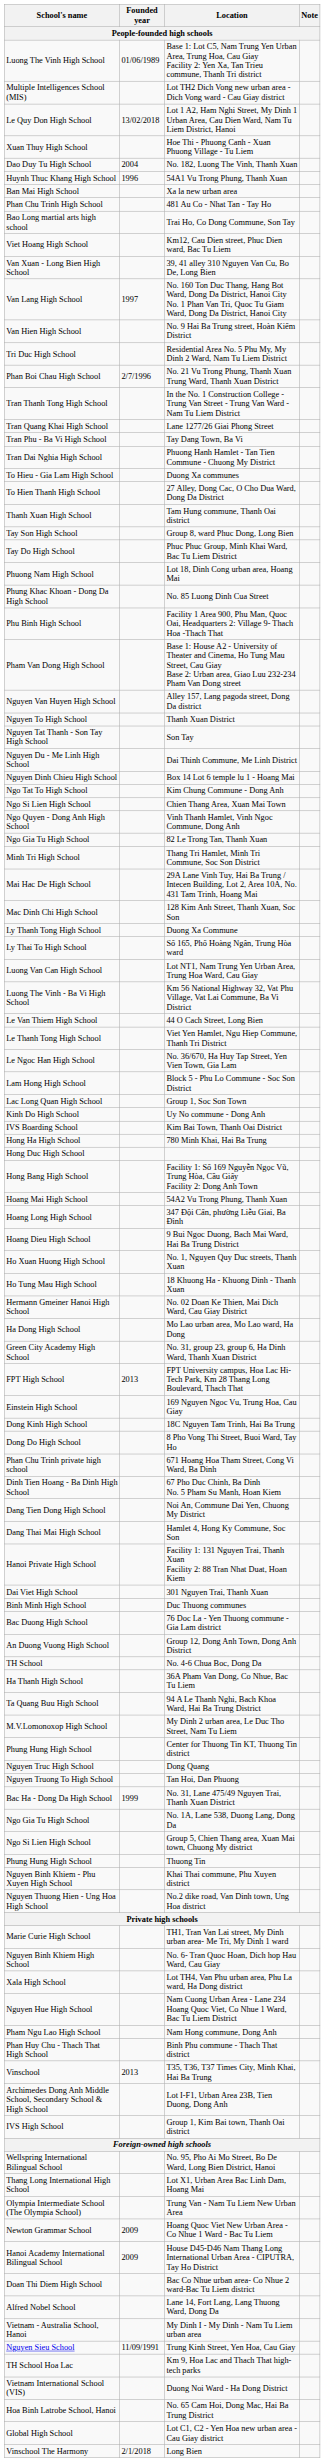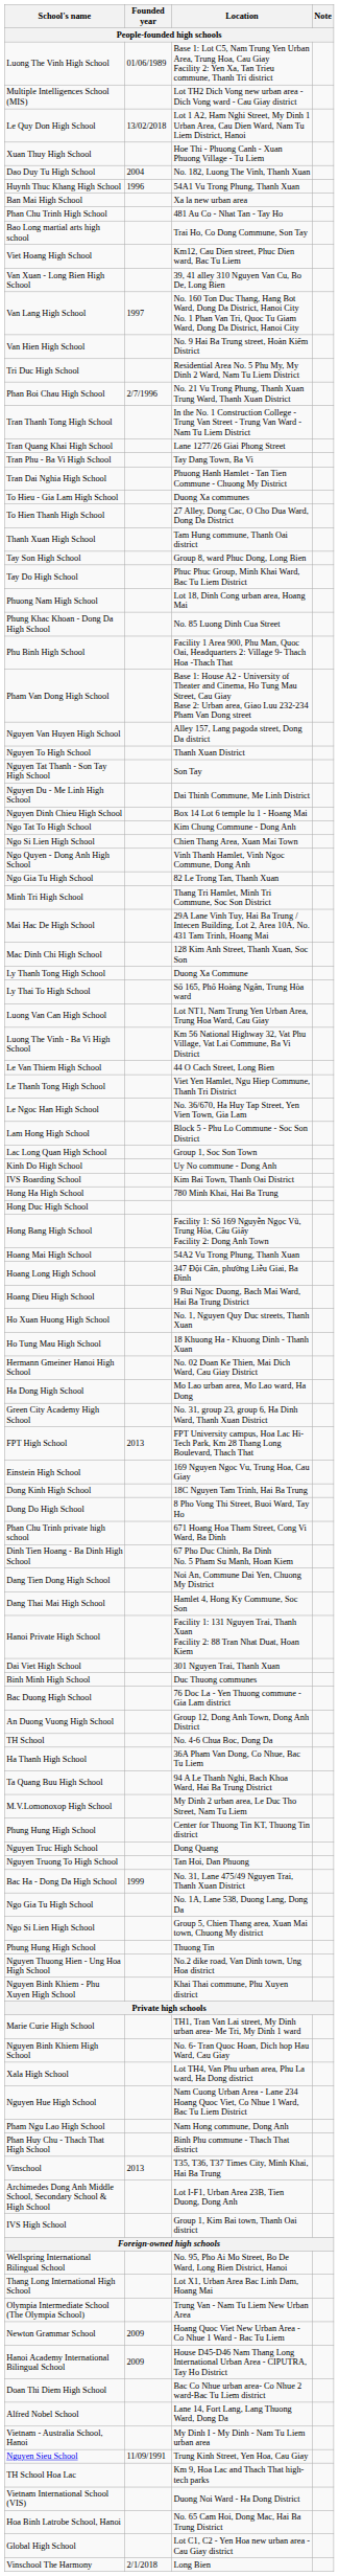 <table class="wikitable">
 <tr>
 <th>School's name</th>
 <th>Founded year</th>
 <th>Location</th>
 <th>Note</th>
 </tr>
 <tr>
 <th colspan="4">People-founded high schools</th>
 </tr>
 <tr>
 <td>Luong The Vinh High School</td>
 <td>01/06/1989</td>
 <td>Base 1: Lot C5, Nam Trung Yen Urban Area, Trung Hoa, Cau Giay<br>Facility 2: Yen Xa, Tan Trieu commune, Thanh Tri district</td>
 <td></td>
 </tr>
 <tr>
 <td>Multiple Intelligences School (MIS)</td>
 <td></td>
 <td>Lot TH2 Dich Vong new urban area - Dich Vong ward - Cau Giay district</td>
 <td></td>
 </tr>
 <tr>
 <td>Le Quy Don High School</td>
 <td>13/02/2018</td>
 <td>Lot 1 A2, Ham Nghi Street, My Dinh 1 Urban Area, Cau Dien Ward, Nam Tu Liem District, Hanoi</td>
 <td></td>
 </tr>
 <tr>
 <td>Xuan Thuy High School</td>
 <td></td>
 <td>Hoe Thi - Phuong Canh - Xuan Phuong Village - Tu Liem</td>
 <td></td>
 </tr>
 <tr>
 <td>Dao Duy Tu High School</td>
 <td>2004</td>
 <td>No. 182, Luong The Vinh, Thanh Xuan</td>
 <td></td>
 </tr>
 <tr>
 <td>Huynh Thuc Khang High School</td>
 <td>1996</td>
 <td>54A1 Vu Trong Phung, Thanh Xuan</td>
 <td></td>
 </tr>
 <tr>
 <td>Ban Mai High School</td>
 <td></td>
 <td>Xa la new urban area</td>
 <td></td>
 </tr>
 <tr>
 <td>Phan Chu Trinh High School</td>
 <td></td>
 <td>481 Au Co - Nhat Tan - Tay Ho</td>
 <td></td>
 </tr>
 <tr>
 <td>Bao Long martial arts high school</td>
 <td></td>
 <td>Trai Ho, Co Dong Commune, Son Tay</td>
 <td></td>
 </tr>
 <tr>
 <td>Viet Hoang High School</td>
 <td></td>
 <td>Km12, Cau Dien street, Phuc Dien ward, Bac Tu Liem</td>
 <td></td>
 </tr>
 <tr>
 <td>Van Xuan - Long Bien High School</td>
 <td></td>
 <td>39, 41 alley 310 Nguyen Van Cu, Bo De, Long Bien</td>
 <td></td>
 </tr>
 <tr>
 <td>Van Lang High School</td>
 <td>1997</td>
 <td>No. 160 Ton Duc Thang, Hang Bot Ward, Dong Da District, Hanoi City<br>No. 1 Phan Van Tri, Quoc Tu Giam Ward, Dong Da District, Hanoi City</td>
 <td></td>
 </tr>
 <tr>
 <td>Van Hien High School</td>
 <td></td>
 <td>No. 9 Hai Ba Trung street, Hoàn Kiếm District</td>
 <td></td>
 </tr>
 <tr>
 <td>Tri Duc High School</td>
 <td></td>
 <td>Residential Area No. 5 Phu My, My Dinh 2 Ward, Nam Tu Liem District</td>
 <td></td>
 </tr>
 <tr>
 <td>Phan Boi Chau High School</td>
 <td>2/7/1996</td>
 <td>No. 21 Vu Trong Phung, Thanh Xuan Trung Ward, Thanh Xuan District</td>
 <td></td>
 </tr>
 <tr>
 <td>Tran Thanh Tong High School</td>
 <td></td>
 <td>In the No. 1 Construction College - Trung Van Street - Trung Van Ward - Nam Tu Liem District</td>
 <td></td>
 </tr>
 <tr>
 <td>Tran Quang Khai High School</td>
 <td></td>
 <td>Lane 1277/26 Giai Phong Street</td>
 <td></td>
 </tr>
 <tr>
 <td>Tran Phu - Ba Vi High School</td>
 <td></td>
 <td>Tay Dang Town, Ba Vi</td>
 <td></td>
 </tr>
 <tr>
 <td>Tran Dai Nghia High School</td>
 <td></td>
 <td>Phuong Hanh Hamlet - Tan Tien Commune - Chuong My District</td>
 <td></td>
 </tr>
 <tr>
 <td>To Hieu - Gia Lam High School</td>
 <td></td>
 <td>Duong Xa communes</td>
 <td></td>
 </tr>
 <tr>
 <td>To Hien Thanh High School</td>
 <td></td>
 <td>27 Alley, Dong Cac, O Cho Dua Ward, Dong Da District</td>
 <td></td>
 </tr>
 <tr>
 <td>Thanh Xuan High School</td>
 <td></td>
 <td>Tam Hung commune, Thanh Oai district</td>
 <td></td>
 </tr>
 <tr>
 <td>Tay Son High School</td>
 <td></td>
 <td>Group 8, ward Phuc Dong, Long Bien</td>
 <td></td>
 </tr>
 <tr>
 <td>Tay Do High School</td>
 <td></td>
 <td>Phuc Phuc Group, Minh Khai Ward, Bac Tu Liem District</td>
 <td></td>
 </tr>
 <tr>
 <td>Phuong Nam High School</td>
 <td></td>
 <td>Lot 18, Dinh Cong urban area, Hoang Mai</td>
 <td></td>
 </tr>
 <tr>
 <td>Phung Khac Khoan - Dong Da High School</td>
 <td></td>
 <td>No. 85 Luong Dinh Cua Street</td>
 <td></td>
 </tr>
 <tr>
 <td>Phu Binh High School</td>
 <td></td>
 <td>Facility 1 Area 900, Phu Man, Quoc Oai, Headquarters 2: Village 9- Thach Hoa -Thach That</td>
 <td></td>
 </tr>
 <tr>
 <td>Pham Van Dong High School</td>
 <td></td>
 <td>Base 1: House A2 - University of Theater and Cinema, Ho Tung Mau Street, Cau Giay<br>Base 2: Urban area, Giao Luu 232-234 Pham Van Dong street</td>
 <td></td>
 </tr>
 <tr>
 <td>Nguyen Van Huyen High School</td>
 <td></td>
 <td>Alley 157, Lang pagoda street, Dong Da district</td>
 <td></td>
 </tr>
 <tr>
 <td>Nguyen To High School</td>
 <td></td>
 <td>Thanh Xuan District</td>
 <td></td>
 </tr>
 <tr>
 <td>Nguyen Tat Thanh - Son Tay High School</td>
 <td></td>
 <td>Son Tay</td>
 <td></td>
 </tr>
 <tr>
 <td>Nguyen Du - Me Linh High School</td>
 <td></td>
 <td>Dai Thinh Commune, Me Linh District</td>
 <td></td>
 </tr>
 <tr>
 <td>Nguyen Dinh Chieu High School</td>
 <td></td>
 <td>Box 14 Lot 6 temple lu 1 - Hoang Mai</td>
 <td></td>
 </tr>
 <tr>
 <td>Ngo Tat To High School</td>
 <td></td>
 <td>Kim Chung Commune - Dong Anh</td>
 <td></td>
 </tr>
 <tr>
 <td>Ngo Si Lien High School</td>
 <td></td>
 <td>Chien Thang Area, Xuan Mai Town</td>
 <td></td>
 </tr>
 <tr>
 <td>Ngo Quyen - Dong Anh High School</td>
 <td></td>
 <td>Vinh Thanh Hamlet, Vinh Ngoc Commune, Dong Anh</td>
 <td></td>
 </tr>
 <tr>
 <td>Ngo Gia Tu High School</td>
 <td></td>
 <td>82 Le Trong Tan, Thanh Xuan</td>
 <td></td>
 </tr>
 <tr>
 <td>Minh Tri High School</td>
 <td></td>
 <td>Thang Tri Hamlet, Minh Tri Commune, Soc Son District</td>
 <td></td>
 </tr>
 <tr>
 <td>Mai Hac De High School</td>
 <td></td>
 <td>29A Lane Vinh Tuy, Hai Ba Trung / Intecen Building, Lot 2, Area 10A, No. 431 Tam Trinh, Hoang Mai</td>
 <td></td>
 </tr>
 <tr>
 <td>Mac Dinh Chi High School</td>
 <td></td>
 <td>128 Kim Anh Street, Thanh Xuan, Soc Son</td>
 <td></td>
 </tr>
 <tr>
 <td>Ly Thanh Tong High School</td>
 <td></td>
 <td>Duong Xa Commune</td>
 <td></td>
 </tr>
 <tr>
 <td>Ly Thai To High School</td>
 <td></td>
 <td>Số 165, Phố Hoàng Ngân, Trung Hòa ward</td>
 <td></td>
 </tr>
 <tr>
 <td>Luong Van Can High School</td>
 <td></td>
 <td>Lot NT1, Nam Trung Yen Urban Area, Trung Hoa Ward, Cau Giay</td>
 <td></td>
 </tr>
 <tr>
 <td>Luong The Vinh - Ba Vi High School</td>
 <td></td>
 <td>Km 56 National Highway 32, Vat Phu Village, Vat Lai Commune, Ba Vi District</td>
 <td></td>
 </tr>
 <tr>
 <td>Le Van Thiem High School</td>
 <td></td>
 <td>44 O Cach Street, Long Bien</td>
 <td></td>
 </tr>
 <tr>
 <td>Le Thanh Tong High School</td>
 <td></td>
 <td>Viet Yen Hamlet, Ngu Hiep Commune, Thanh Tri District</td>
 <td></td>
 </tr>
 <tr>
 <td>Le Ngoc Han High School</td>
 <td></td>
 <td>No. 36/670, Ha Huy Tap Street, Yen Vien Town, Gia Lam</td>
 <td></td>
 </tr>
 <tr>
 <td>Lam Hong High School</td>
 <td></td>
 <td>Block 5 - Phu Lo Commune - Soc Son District</td>
 <td></td>
 </tr>
 <tr>
 <td>Lac Long Quan High School</td>
 <td></td>
 <td>Group 1, Soc Son Town</td>
 <td></td>
 </tr>
 <tr>
 <td>Kinh Do High School</td>
 <td></td>
 <td>Uy No commune - Dong Anh</td>
 <td></td>
 </tr>
 <tr>
 <td>IVS Boarding School</td>
 <td></td>
 <td>Kim Bai Town, Thanh Oai District</td>
 <td></td>
 </tr>
 <tr>
 <td>Hong Ha High School</td>
 <td></td>
 <td>780 Minh Khai, Hai Ba Trung</td>
 <td></td>
 </tr>
 <tr>
 <td>Hong Duc High School</td>
 <td></td>
 <td></td>
 <td></td>
 </tr>
 <tr>
 <td>Hong Bang High School</td>
 <td></td>
 <td>Facility 1: Số 169 Nguyễn Ngọc Vũ, Trung Hòa, Cầu Giấy<br>Facility 2: Dong Anh Town</td>
 <td></td>
 </tr>
 <tr>
 <td>Hoang Mai High School</td>
 <td></td>
 <td>54A2 Vu Trong Phung, Thanh Xuan</td>
 <td></td>
 </tr>
 <tr>
 <td>Hoang Long High School</td>
 <td></td>
 <td>347 Đội Cấn, phường Liễu Giai, Ba Đình</td>
 <td></td>
 </tr>
 <tr>
 <td>Hoang Dieu High School</td>
 <td></td>
 <td>9 Bui Ngoc Duong, Bach Mai Ward, Hai Ba Trung District</td>
 <td></td>
 </tr>
 <tr>
 <td>Ho Xuan Huong High School</td>
 <td></td>
 <td>No. 1, Nguyen Quy Duc streets, Thanh Xuan</td>
 <td></td>
 </tr>
 <tr>
 <td>Ho Tung Mau High School</td>
 <td></td>
 <td>18 Khuong Ha - Khuong Dinh - Thanh Xuan</td>
 <td></td>
 </tr>
 <tr>
 <td>Hermann Gmeiner Hanoi High School</td>
 <td></td>
 <td>No. 02 Doan Ke Thien, Mai Dich Ward, Cau Giay District</td>
 <td></td>
 </tr>
 <tr>
 <td>Ha Dong High School</td>
 <td></td>
 <td>Mo Lao urban area, Mo Lao ward, Ha Dong</td>
 <td></td>
 </tr>
 <tr>
 <td>Green City Academy High School</td>
 <td></td>
 <td>No. 31, group 23, group 6, Ha Dinh Ward, Thanh Xuan District</td>
 <td></td>
 </tr>
 <tr>
 <td>FPT High School</td>
 <td>2013</td>
 <td>FPT University campus, Hoa Lac Hi-Tech Park, Km 28 Thang Long Boulevard, Thach That</td>
 <td></td>
 </tr>
 <tr>
 <td>Einstein High School</td>
 <td></td>
 <td>169 Nguyen Ngoc Vu, Trung Hoa, Cau Giay</td>
 <td></td>
 </tr>
 <tr>
 <td>Dong Kinh High School</td>
 <td></td>
 <td>18C Nguyen Tam Trinh, Hai Ba Trung</td>
 <td></td>
 </tr>
 <tr>
 <td>Dong Do High School</td>
 <td></td>
 <td>8 Pho Vong Thi Street, Buoi Ward, Tay Ho</td>
 <td></td>
 </tr>
 <tr>
 <td>Phan Chu Trinh private high school</td>
 <td></td>
 <td>671 Hoang Hoa Tham Street, Cong Vi Ward, Ba Dinh</td>
 <td></td>
 </tr>
 <tr>
 <td>Dinh Tien Hoang - Ba Dinh High School</td>
 <td></td>
 <td>67 Pho Duc Chinh, Ba Dinh<br>No. 5 Pham Su Manh, Hoan Kiem</td>
 <td></td>
 </tr>
 <tr>
 <td>Dang Tien Dong High School</td>
 <td></td>
 <td>Noi An, Commune Dai Yen, Chuong My District</td>
 <td></td>
 </tr>
 <tr>
 <td>Dang Thai Mai High School</td>
 <td></td>
 <td>Hamlet 4, Hong Ky Commune, Soc Son</td>
 <td></td>
 </tr>
 <tr>
 <td>Hanoi Private High School</td>
 <td></td>
 <td>Facility 1: 131 Nguyen Trai, Thanh Xuan<br>Facility 2: 88 Tran Nhat Duat, Hoan Kiem</td>
 <td></td>
 </tr>
 <tr>
 <td>Dai Viet High School</td>
 <td></td>
 <td>301 Nguyen Trai, Thanh Xuan</td>
 <td></td>
 </tr>
 <tr>
 <td>Binh Minh High School</td>
 <td></td>
 <td>Duc Thuong communes</td>
 <td></td>
 </tr>
 <tr>
 <td>Bac Duong High School</td>
 <td></td>
 <td>76 Doc La - Yen Thuong commune - Gia Lam district</td>
 <td></td>
 </tr>
 <tr>
 <td>An Duong Vuong High School</td>
 <td></td>
 <td>Group 12, Dong Anh Town, Dong Anh District</td>
 <td></td>
 </tr>
 <tr>
 <td>TH School</td>
 <td></td>
 <td>No. 4-6 Chua Boc, Dong Da</td>
 <td></td>
 </tr>
 <tr>
 <td>Ha Thanh High School</td>
 <td></td>
 <td>36A Pham Van Dong, Co Nhue, Bac Tu Liem</td>
 <td></td>
 </tr>
 <tr>
 <td>Ta Quang Buu High School</td>
 <td></td>
 <td>94 A Le Thanh Nghi, Bach Khoa Ward, Hai Ba Trung District</td>
 <td></td>
 </tr>
 <tr>
 <td>M.V.Lomonoxop High School</td>
 <td></td>
 <td>My Dinh 2 urban area, Le Duc Tho Street, Nam Tu Liem</td>
 <td></td>
 </tr>
 <tr>
 <td>Phung Hung High School</td>
 <td></td>
 <td>Center for Thuong Tin KT, Thuong Tin district</td>
 <td></td>
 </tr>
 <tr>
 <td>Nguyen Truc High School</td>
 <td></td>
 <td>Dong Quang</td>
 <td></td>
 </tr>
 <tr>
 <td>Nguyen Truong To High School</td>
 <td></td>
 <td>Tan Hoi, Dan Phuong</td>
 <td></td>
 </tr>
 <tr>
 <td>Bac Ha - Dong Da High School</td>
 <td>1999</td>
 <td>No. 31, Lane 475/49 Nguyen Trai, Thanh Xuan District</td>
 <td></td>
 </tr>
 <tr>
 <td>Ngo Gia Tu High School</td>
 <td></td>
 <td>No. 1A, Lane 538, Duong Lang, Dong Da</td>
 <td></td>
 </tr>
 <tr>
 <td>Ngo Si Lien High School</td>
 <td></td>
 <td>Group 5, Chien Thang area, Xuan Mai town, Chuong My district</td>
 <td></td>
 </tr>
 <tr>
 <td>Phung Hung High School</td>
 <td></td>
 <td>Thuong Tin</td>
 <td></td>
 </tr>
 <tr>
+<td>Nguyen Thuong Hien - Ung Hoa High School</td>
+<td></td>
+<td>No.2 dike road, Van Dinh town, Ung Hoa district</td>
+<td></td>
+</tr>
+<tr>
 <td>Nguyen Binh Khiem - Phu Xuyen High School</td>
 <td></td>
 <td>Khai Thai commune, Phu Xuyen district</td>
-<td></td>
-</tr>
-<tr>
-<td>Nguyen Thuong Hien - Ung Hoa High School</td>
-<td></td>
-<td>No.2 dike road, Van Dinh town, Ung Hoa district</td>
 <td></td>
 </tr>
 <tr>
 <th colspan="4">Private high schools</th>
 </tr>
 <tr>
 <td>Marie Curie High School</td>
 <td></td>
 <td>TH1, Tran Van Lai street, My Dinh urban area- Me Tri, My Dinh 1 ward</td>
 <td></td>
 </tr>
 <tr>
 <td>Nguyen Binh Khiem High School</td>
 <td></td>
 <td>No. 6- Tran Quoc Hoan, Dich hop Hau Ward, Cau Giay</td>
 <td></td>
 </tr>
 <tr>
 <td>Xala High School</td>
 <td></td>
 <td>Lot TH4, Van Phu urban area, Phu La ward, Ha Dong district</td>
 <td></td>
 </tr>
 <tr>
 <td>Nguyen Hue High School</td>
 <td></td>
 <td>Nam Cuong Urban Area - Lane 234 Hoang Quoc Viet, Co Nhue 1 Ward, Bac Tu Liem District</td>
 <td></td>
 </tr>
 <tr>
 <td>Pham Ngu Lao High School</td>
 <td></td>
 <td>Nam Hong commune, Dong Anh</td>
 <td></td>
 </tr>
 <tr>
 <td>Phan Huy Chu - Thach That High School</td>
 <td></td>
 <td>Binh Phu commune - Thach That district</td>
 <td></td>
 </tr>
 <tr>
 <td>Vinschool</td>
 <td>2013</td>
 <td>T35, T36, T37 Times City, Minh Khai, Hai Ba Trung</td>
 <td></td>
 </tr>
 <tr>
 <td>Archimedes Dong Anh Middle School, Secondary School & High School</td>
 <td></td>
 <td>Lot I-F1, Urban Area 23B, Tien Duong, Dong Anh</td>
 <td></td>
 </tr>
 <tr>
 <td>IVS High School</td>
 <td></td>
 <td>Group 1, Kim Bai town, Thanh Oai district</td>
 <td></td>
 </tr>
 <tr>
 <th colspan="4"><strong><em>Foreign-owned high schools</em></strong></th>
 </tr>
 <tr>
 <td>Wellspring International Bilingual School</td>
 <td></td>
 <td>No. 95, Pho Ai Mo Street, Bo De Ward, Long Bien District, Hanoi</td>
 <td></td>
 </tr>
 <tr>
 <td>Thang Long International High School</td>
 <td></td>
 <td>Lot X1, Urban Area Bac Linh Dam, Hoang Mai</td>
 <td></td>
 </tr>
 <tr>
 <td>Olympia Intermediate School (The Olympia School)</td>
 <td></td>
 <td>Trung Van - Nam Tu Liem New Urban Area</td>
 <td></td>
 </tr>
 <tr>
 <td>Newton Grammar School</td>
 <td>2009</td>
 <td>Hoang Quoc Viet New Urban Area - Co Nhue 1 Ward - Bac Tu Liem</td>
 <td></td>
 </tr>
 <tr>
 <td>Hanoi Academy International Bilingual School</td>
 <td>2009</td>
 <td>House D45-D46 Nam Thang Long International Urban Area - CIPUTRA, Tay Ho District</td>
 <td></td>
 </tr>
 <tr>
 <td>Doan Thi Diem High School</td>
 <td></td>
 <td>Bac Co Nhue urban area- Co Nhue 2 ward-Bac Tu Liem district</td>
 <td></td>
 </tr>
 <tr>
 <td>Alfred Nobel School</td>
 <td></td>
 <td>Lane 14, Fort Lang, Lang Thuong Ward, Dong Da</td>
 <td></td>
 </tr>
 <tr>
 <td>Vietnam - Australia School, Hanoi</td>
 <td></td>
 <td>My Dinh I - My Dinh - Nam Tu Liem urban area</td>
 <td></td>
 </tr>
 <tr>
 <td><a href='#'>Nguyen Sieu School</a></td>
 <td>11/09/1991</td>
 <td>Trung Kinh Street, Yen Hoa, Cau Giay</td>
 <td></td>
 </tr>
 <tr>
 <td>TH School Hoa Lac</td>
 <td></td>
 <td>Km 9, Hoa Lac and Thach That high-tech parks</td>
 <td></td>
 </tr>
 <tr>
 <td>Vietnam International School (VIS)</td>
 <td></td>
 <td>Duong Noi Ward - Ha Dong District</td>
 <td></td>
 </tr>
 <tr>
 <td>Hoa Binh Latrobe School, Hanoi</td>
 <td></td>
 <td>No. 65 Cam Hoi, Dong Mac, Hai Ba Trung District</td>
 <td></td>
 </tr>
 <tr>
 <td>Global High School</td>
 <td></td>
 <td>Lot C1, C2 - Yen Hoa new urban area - Cau Giay district</td>
 <td></td>
 </tr>
 <tr>
 <td>Vinschool The Harmony</td>
 <td>2/1/2018</td>
 <td>Long Bien</td>
 <td></td>
 </tr>
 </table>
